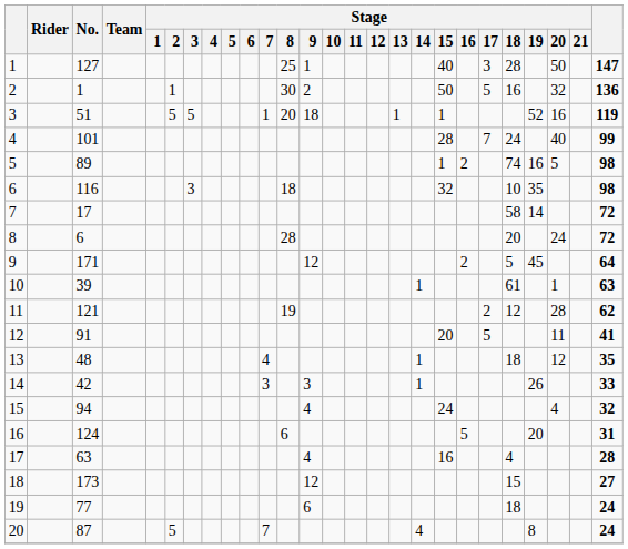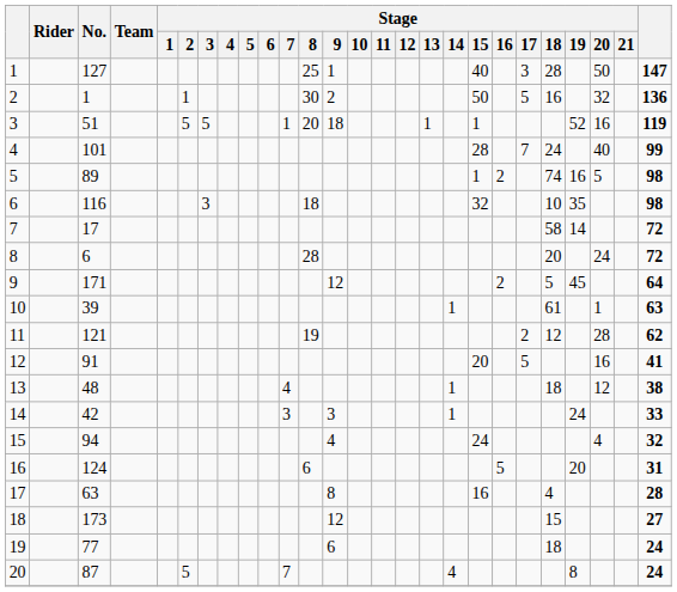 <table class="wikitable">
 <tr>
 <th rowspan="2"></th>
 <th rowspan="2">Rider</th>
 <th rowspan="2">No.</th>
 <th rowspan="2">Team</th>
 <th colspan="21">Stage</th>
 <th rowspan="2"></th>
 </tr>
 <tr>
 <th> 1</th>
 <th> 2</th>
 <th> 3</th>
 <th> 4</th>
 <th> 5</th>
 <th> 6</th>
 <th> 7</th>
 <th> 8</th>
 <th> 9</th>
 <th>10</th>
 <th>11</th>
 <th>12</th>
 <th>13</th>
 <th>14</th>
 <th>15</th>
 <th>16</th>
 <th>17</th>
 <th>18</th>
 <th>19</th>
 <th>20</th>
 <th>21</th>
 </tr>
 <tr>
 <td>1</td>
 <td> </td>
 <td>127</td>
 <td></td>
 <td></td>
 <td></td>
 <td></td>
 <td></td>
 <td></td>
 <td></td>
 <td></td>
 <td>25</td>
 <td>1</td>
 <td></td>
 <td></td>
 <td></td>
 <td></td>
 <td></td>
 <td>40</td>
 <td></td>
 <td>3</td>
 <td>28</td>
 <td></td>
 <td>50</td>
 <td></td>
 <td align=  center><strong>147</strong></td>
 </tr>
 <tr>
 <td>2</td>
 <td> </td>
 <td>1</td>
 <td></td>
 <td></td>
 <td>1</td>
 <td></td>
 <td></td>
 <td></td>
 <td></td>
 <td></td>
 <td>30</td>
 <td>2</td>
 <td></td>
 <td></td>
 <td></td>
 <td></td>
 <td></td>
 <td>50</td>
 <td></td>
 <td>5</td>
 <td>16</td>
 <td></td>
 <td>32</td>
 <td></td>
 <td align=  center><strong>136</strong></td>
 </tr>
 <tr>
 <td>3</td>
 <td></td>
 <td>51</td>
 <td></td>
 <td></td>
 <td>5</td>
 <td>5</td>
 <td></td>
 <td></td>
 <td></td>
 <td>1</td>
 <td>20</td>
 <td>18</td>
 <td></td>
 <td></td>
 <td></td>
 <td>1</td>
 <td></td>
 <td>1</td>
 <td></td>
 <td></td>
 <td></td>
 <td>52</td>
 <td>16</td>
 <td></td>
 <td align=center><strong>119</strong></td>
 </tr>
 <tr>
 <td>4</td>
 <td></td>
 <td>101</td>
 <td></td>
 <td></td>
 <td></td>
 <td></td>
 <td></td>
 <td></td>
 <td></td>
 <td></td>
 <td></td>
 <td></td>
 <td></td>
 <td></td>
 <td></td>
 <td></td>
 <td></td>
 <td>28</td>
 <td></td>
 <td>7</td>
 <td>24</td>
 <td></td>
 <td>40</td>
 <td></td>
 <td align=center><strong>99</strong></td>
 </tr>
 <tr>
 <td>5</td>
 <td> </td>
 <td>89</td>
 <td></td>
 <td></td>
 <td></td>
 <td></td>
 <td></td>
 <td></td>
 <td></td>
 <td></td>
 <td></td>
 <td></td>
 <td></td>
 <td></td>
 <td></td>
 <td></td>
 <td></td>
 <td>1</td>
 <td>2</td>
 <td></td>
 <td>74</td>
 <td>16</td>
 <td>5</td>
 <td></td>
 <td align=  center><strong>98</strong></td>
 </tr>
 <tr>
 <td>6</td>
 <td></td>
 <td>116</td>
 <td></td>
 <td></td>
 <td></td>
 <td>3</td>
 <td></td>
 <td></td>
 <td></td>
 <td></td>
 <td>18</td>
 <td></td>
 <td></td>
 <td></td>
 <td></td>
 <td></td>
 <td></td>
 <td>32</td>
 <td></td>
 <td></td>
 <td>10</td>
 <td>35</td>
 <td></td>
 <td></td>
 <td align=center><strong>98</strong></td>
 </tr>
 <tr>
 <td>7</td>
 <td></td>
 <td>17</td>
 <td></td>
 <td></td>
 <td></td>
 <td></td>
 <td></td>
 <td></td>
 <td></td>
 <td></td>
 <td></td>
 <td></td>
 <td></td>
 <td></td>
 <td></td>
 <td></td>
 <td></td>
 <td></td>
 <td></td>
 <td></td>
 <td>58</td>
 <td>14</td>
 <td></td>
 <td></td>
 <td align=center><strong>72</strong></td>
 </tr>
 <tr>
 <td>8</td>
 <td></td>
 <td>6</td>
 <td></td>
 <td></td>
 <td></td>
 <td></td>
 <td></td>
 <td></td>
 <td></td>
 <td></td>
 <td>28</td>
 <td></td>
 <td></td>
 <td></td>
 <td></td>
 <td></td>
 <td></td>
 <td></td>
 <td></td>
 <td></td>
 <td>20</td>
 <td></td>
 <td>24</td>
 <td></td>
 <td align=  center><strong>72</strong></td>
 </tr>
 <tr>
 <td>9</td>
 <td></td>
 <td>171</td>
 <td></td>
 <td></td>
 <td></td>
 <td></td>
 <td></td>
 <td></td>
 <td></td>
 <td></td>
 <td></td>
 <td>12</td>
 <td></td>
 <td></td>
 <td></td>
 <td></td>
 <td></td>
 <td></td>
 <td>2</td>
 <td></td>
 <td>5</td>
 <td>45</td>
 <td></td>
 <td></td>
 <td align=  center><strong>64</strong></td>
 </tr>
 <tr>
 <td>10</td>
 <td></td>
 <td>39</td>
 <td></td>
 <td></td>
 <td></td>
 <td></td>
 <td></td>
 <td></td>
 <td></td>
 <td></td>
 <td></td>
 <td></td>
 <td></td>
 <td></td>
 <td></td>
 <td></td>
 <td>1</td>
 <td></td>
 <td></td>
 <td></td>
 <td>61</td>
 <td></td>
 <td>1</td>
 <td></td>
 <td align=  center><strong>63</strong></td>
 </tr>
 <tr>
 <td>11</td>
 <td></td>
 <td>121</td>
 <td></td>
 <td></td>
 <td></td>
 <td></td>
 <td></td>
 <td></td>
 <td></td>
 <td></td>
 <td>19</td>
 <td></td>
 <td></td>
 <td></td>
 <td></td>
 <td></td>
 <td></td>
 <td></td>
 <td></td>
 <td>2</td>
 <td>12</td>
 <td></td>
 <td>28</td>
 <td></td>
 <td align=  center><strong>62</strong></td>
 </tr>
 <tr>
 <td>12</td>
 <td> </td>
 <td>91</td>
 <td></td>
 <td></td>
 <td></td>
 <td></td>
 <td></td>
 <td></td>
 <td></td>
 <td></td>
 <td></td>
 <td></td>
 <td></td>
 <td></td>
 <td></td>
 <td></td>
 <td></td>
 <td>20</td>
 <td></td>
 <td>5</td>
 <td></td>
 <td></td>
-<td>11</td>
+<td>16</td>
 <td></td>
 <td align=  center><strong>41</strong></td>
 </tr>
 <tr>
 <td>13</td>
 <td></td>
 <td>48</td>
 <td></td>
 <td></td>
 <td></td>
 <td></td>
 <td></td>
 <td></td>
 <td></td>
 <td>4</td>
 <td></td>
 <td></td>
 <td></td>
 <td></td>
 <td></td>
 <td></td>
 <td>1</td>
 <td></td>
 <td></td>
 <td></td>
 <td>18</td>
 <td></td>
 <td>12</td>
 <td></td>
-<td align=  center><strong>35</strong></td>
+<td align=  center><strong>38</strong></td>
 </tr>
 <tr>
 <td>14</td>
 <td></td>
 <td>42</td>
 <td></td>
 <td></td>
 <td></td>
 <td></td>
 <td></td>
 <td></td>
 <td></td>
 <td>3</td>
 <td></td>
 <td>3</td>
 <td></td>
 <td></td>
 <td></td>
 <td></td>
 <td>1</td>
 <td></td>
 <td></td>
 <td></td>
 <td></td>
-<td>26</td>
+<td>24</td>
 <td></td>
 <td></td>
 <td align=center><strong>33</strong></td>
 </tr>
 <tr>
 <td>15</td>
 <td> </td>
 <td>94</td>
 <td></td>
 <td></td>
 <td></td>
 <td></td>
 <td></td>
 <td></td>
 <td></td>
 <td></td>
 <td></td>
 <td>4</td>
 <td></td>
 <td></td>
 <td></td>
 <td></td>
 <td></td>
 <td>24</td>
 <td></td>
 <td></td>
 <td></td>
 <td></td>
 <td>4</td>
 <td></td>
 <td align=center><strong>32</strong></td>
 </tr>
 <tr>
 <td>16</td>
 <td></td>
 <td>124</td>
 <td></td>
 <td></td>
 <td></td>
 <td></td>
 <td></td>
 <td></td>
 <td></td>
 <td></td>
 <td>6</td>
 <td></td>
 <td></td>
 <td></td>
 <td></td>
 <td></td>
 <td></td>
 <td></td>
 <td>5</td>
 <td></td>
 <td></td>
 <td>20</td>
 <td></td>
 <td></td>
 <td align=center><strong>31</strong></td>
 </tr>
 <tr>
 <td>17</td>
 <td></td>
 <td>63</td>
 <td></td>
 <td></td>
 <td></td>
 <td></td>
 <td></td>
 <td></td>
 <td></td>
 <td></td>
 <td></td>
-<td>4</td>
+<td>8</td>
 <td></td>
 <td></td>
 <td></td>
 <td></td>
 <td></td>
 <td>16</td>
 <td></td>
 <td></td>
 <td>4</td>
 <td></td>
 <td></td>
 <td></td>
 <td align=center><strong>28</strong></td>
 </tr>
 <tr>
 <td>18</td>
 <td></td>
 <td>173</td>
 <td></td>
 <td></td>
 <td></td>
 <td></td>
 <td></td>
 <td></td>
 <td></td>
 <td></td>
 <td></td>
 <td>12</td>
 <td></td>
 <td></td>
 <td></td>
 <td></td>
 <td></td>
 <td></td>
 <td></td>
 <td></td>
 <td>15</td>
 <td></td>
 <td></td>
 <td></td>
 <td align=center><strong>27</strong></td>
 </tr>
 <tr>
 <td>19</td>
 <td></td>
 <td>77</td>
 <td></td>
 <td></td>
 <td></td>
 <td></td>
 <td></td>
 <td></td>
 <td></td>
 <td></td>
 <td></td>
 <td>6</td>
 <td></td>
 <td></td>
 <td></td>
 <td></td>
 <td></td>
 <td></td>
 <td></td>
 <td></td>
 <td>18</td>
 <td></td>
 <td></td>
 <td></td>
 <td align=  center><strong>24</strong></td>
 </tr>
 <tr>
 <td>20</td>
 <td></td>
 <td>87</td>
 <td></td>
 <td></td>
 <td>5</td>
 <td></td>
 <td></td>
 <td></td>
 <td></td>
 <td>7</td>
 <td></td>
 <td></td>
 <td></td>
 <td></td>
 <td></td>
 <td></td>
 <td>4</td>
 <td></td>
 <td></td>
 <td></td>
 <td></td>
 <td>8</td>
 <td></td>
 <td></td>
 <td align=  center><strong>24</strong></td>
 </tr>
 <tr>
 </tr>
 </table>
